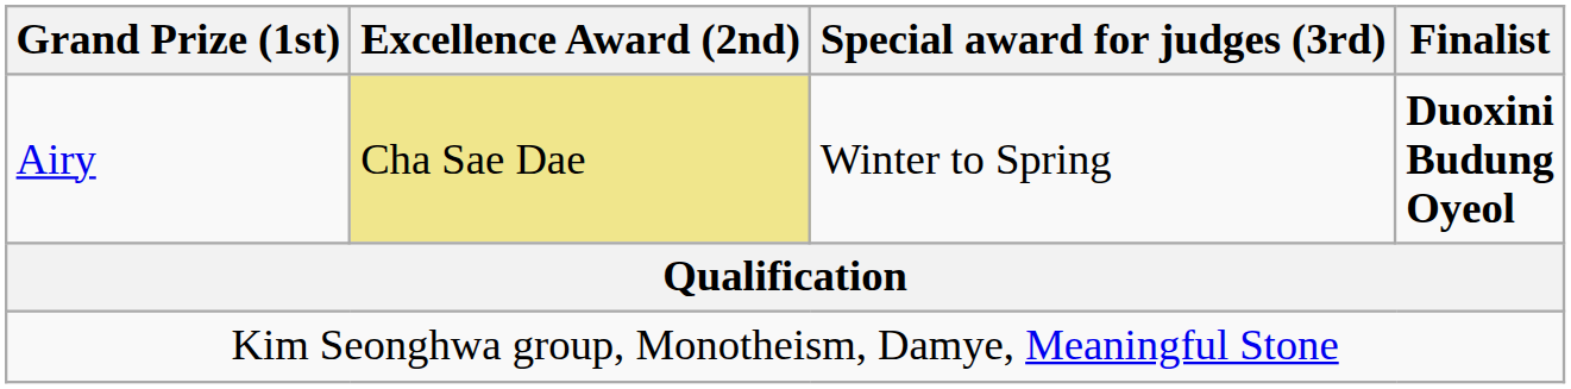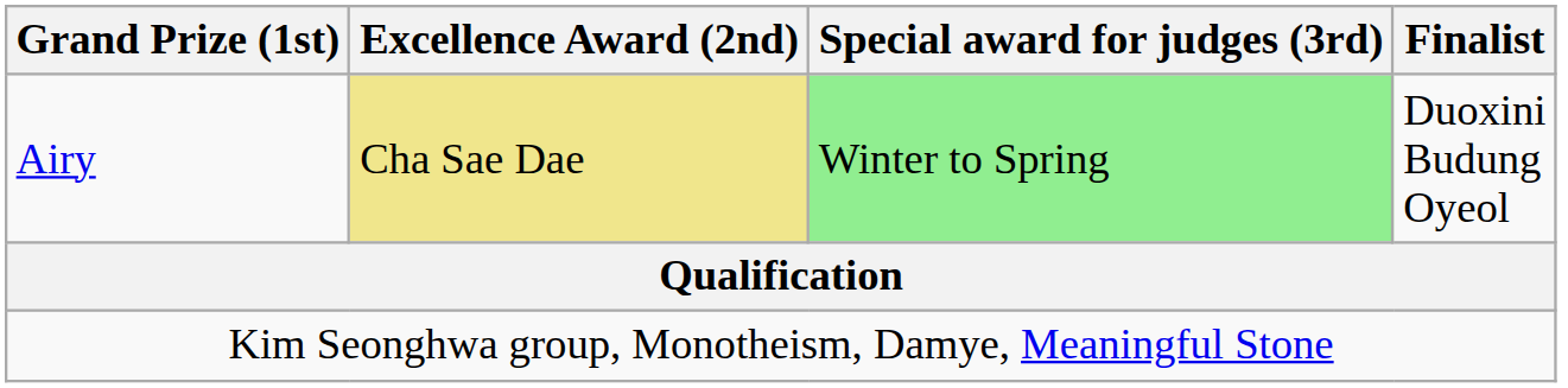 <table class="wikitable">
 <tr>
 <th scope="col">Grand Prize (1st)</th>
 <th scope="col">Excellence Award (2nd)</th>
 <th scope="col">Special award for judges (3rd)</th>
 <th scope="col">Finalist</th>
 </tr>
 <tr>
 <td scope="row"><a href='#'>Airy</a></td>
 <td scope="row" style="background: khaki;">Cha Sae Dae</td>
-<td scope="row">Winter to Spring</td>
-<td scope="row"><strong>Duoxini<br>Budung<br>Oyeol</strong></td>
+<td scope="row" style="background: lightgreen;">Winter to Spring</td>
+<td scope="row">Duoxini<br>Budung<br>Oyeol</td>
 </tr>
 <tr>
 <th colspan="4" align="center">Qualification</th>
 </tr>
 <tr>
 <td colspan="4" align="center">Kim Seonghwa group, Monotheism, Damye, <a href='#'>Meaningful Stone</a></td>
 </tr>
 </table>
